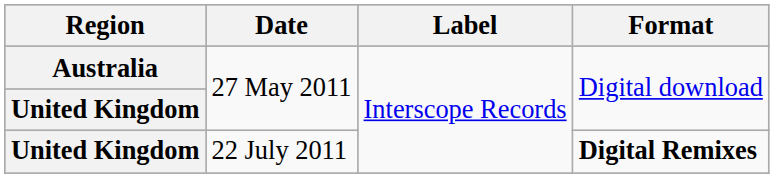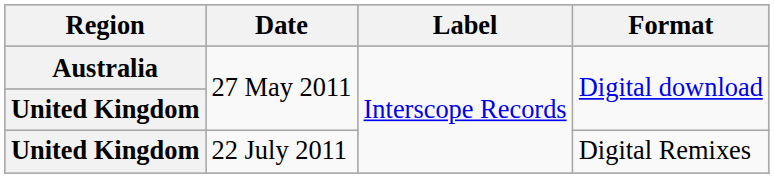 <table class="wikitable plainrowheaders">
 <tr>
 <th scope="col">Region</th>
 <th scope="col">Date</th>
 <th scope="col">Label</th>
 <th scope="col">Format</th>
 </tr>
 <tr>
 <th scope="row">Australia</th>
 <td rowspan="2">27 May 2011</td>
 <td rowspan="3"><a href='#'>Interscope Records</a></td>
 <td rowspan="2"><a href='#'>Digital download</a></td>
 </tr>
 <tr>
 <th scope="row">United Kingdom</th>
 </tr>
 <tr>
 <th scope="row">United Kingdom</th>
 <td>22 July 2011</td>
-<td><strong>Digital Remixes</strong></td>
+<td>Digital Remixes</td>
 </tr>
 </table>
